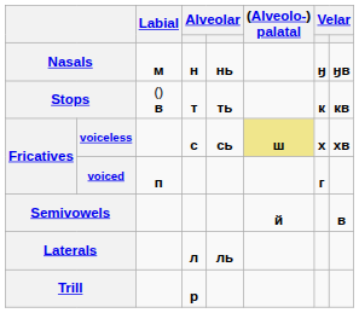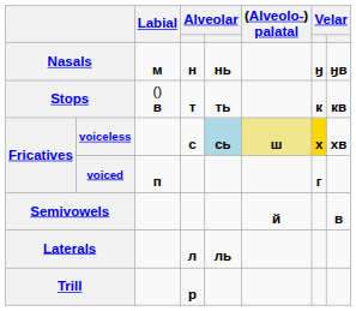 <table class="wikitable" style="text-align: center;">
 <tr>
 <th colspan="2" rowspan="2"></th>
 <th rowspan="2"><a href='#'>Labial</a></th>
 <th colspan="2"><a href='#'>Alveolar</a></th>
 <th rowspan="2">(<a href='#'>Alveolo-</a>)<a href='#'><br>palatal</a></th>
 <th colspan="2"><a href='#'>Velar</a></th>
 </tr>
 <tr>
 <th></th>
 <th></th>
 <th></th>
 <th></th>
 </tr>
 <tr>
 <th colspan="2"><a href='#'>Nasals</a></th>
 <td><br><strong>м</strong></td>
 <td><br><strong>н</strong></td>
 <td><br><strong>нь</strong></td>
 <td></td>
 <td><br><strong>ӈ</strong></td>
 <td><br><strong>ӈв</strong></td>
 </tr>
 <tr>
 <th colspan="2"><a href='#'>Stops</a></th>
 <td>()<br><strong>в</strong></td>
 <td><br><strong>т</strong></td>
 <td><br><strong>ть</strong></td>
 <td></td>
 <td><br><strong>к</strong></td>
 <td><br><strong>кв</strong></td>
 </tr>
 <tr>
 <th rowspan="2"><a href='#'>Fricatives</a></th>
 <th><small><a href='#'>voiceless</a></small></th>
 <td></td>
 <td><br><strong>с</strong></td>
-<td><br><strong>сь</strong></td>
+<td style="background: lightblue;"><br><strong>сь</strong></td>
 <td style="background: khaki;"><br><strong>ш</strong></td>
-<td><br><strong>х</strong></td>
+<td style="background: gold;"><br><strong>х</strong></td>
 <td><br><strong>хв</strong></td>
 </tr>
 <tr>
 <th><small><a href='#'>voiced</a></small></th>
 <td><br><strong>п</strong></td>
 <td></td>
 <td></td>
 <td></td>
 <td><br><strong>г</strong></td>
 <td></td>
 </tr>
 <tr>
 <th colspan="2"><a href='#'>Semivowels</a></th>
 <td></td>
 <td></td>
 <td></td>
 <td><br><strong>й</strong></td>
 <td></td>
 <td><br><strong>в</strong></td>
 </tr>
 <tr>
 <th colspan="2"><a href='#'>Laterals</a></th>
 <td></td>
 <td><br><strong>л</strong></td>
 <td><br><strong>ль</strong></td>
 <td></td>
 <td></td>
 <td></td>
 </tr>
 <tr>
 <th colspan="2"><a href='#'>Trill</a></th>
 <td></td>
 <td><br><strong>р</strong></td>
 <td></td>
 <td></td>
 <td></td>
 <td></td>
 </tr>
 </table>
